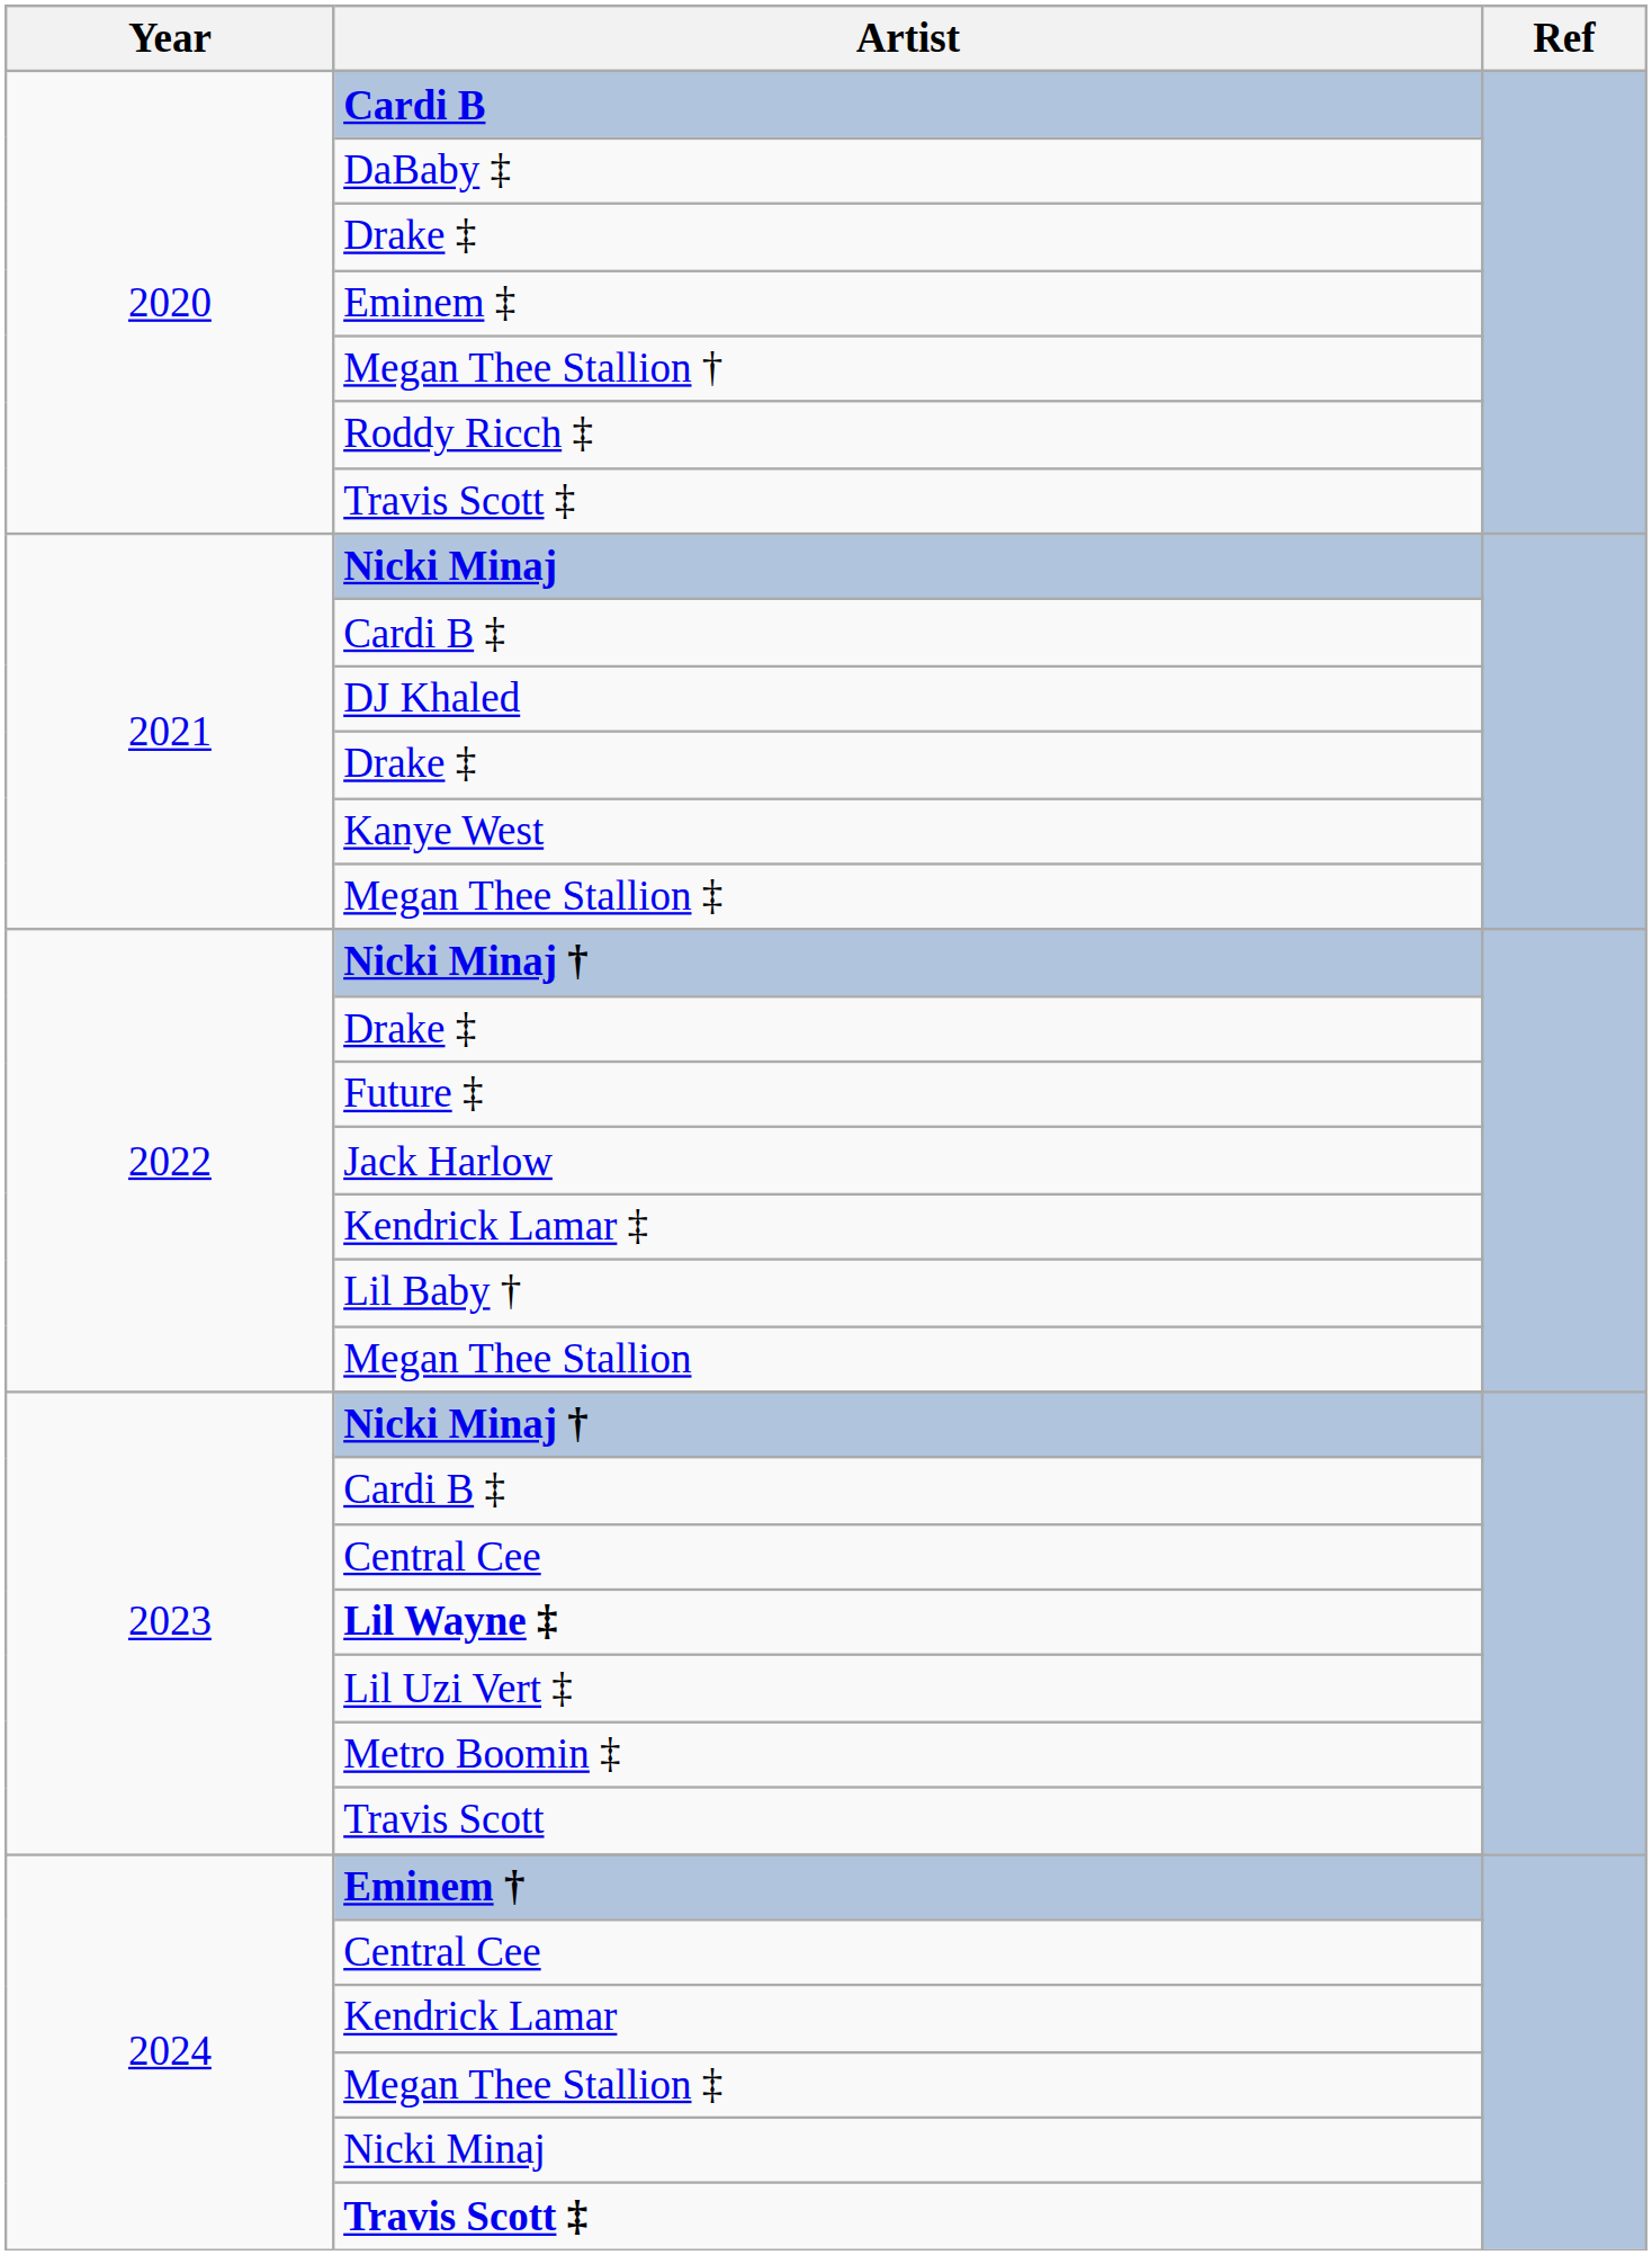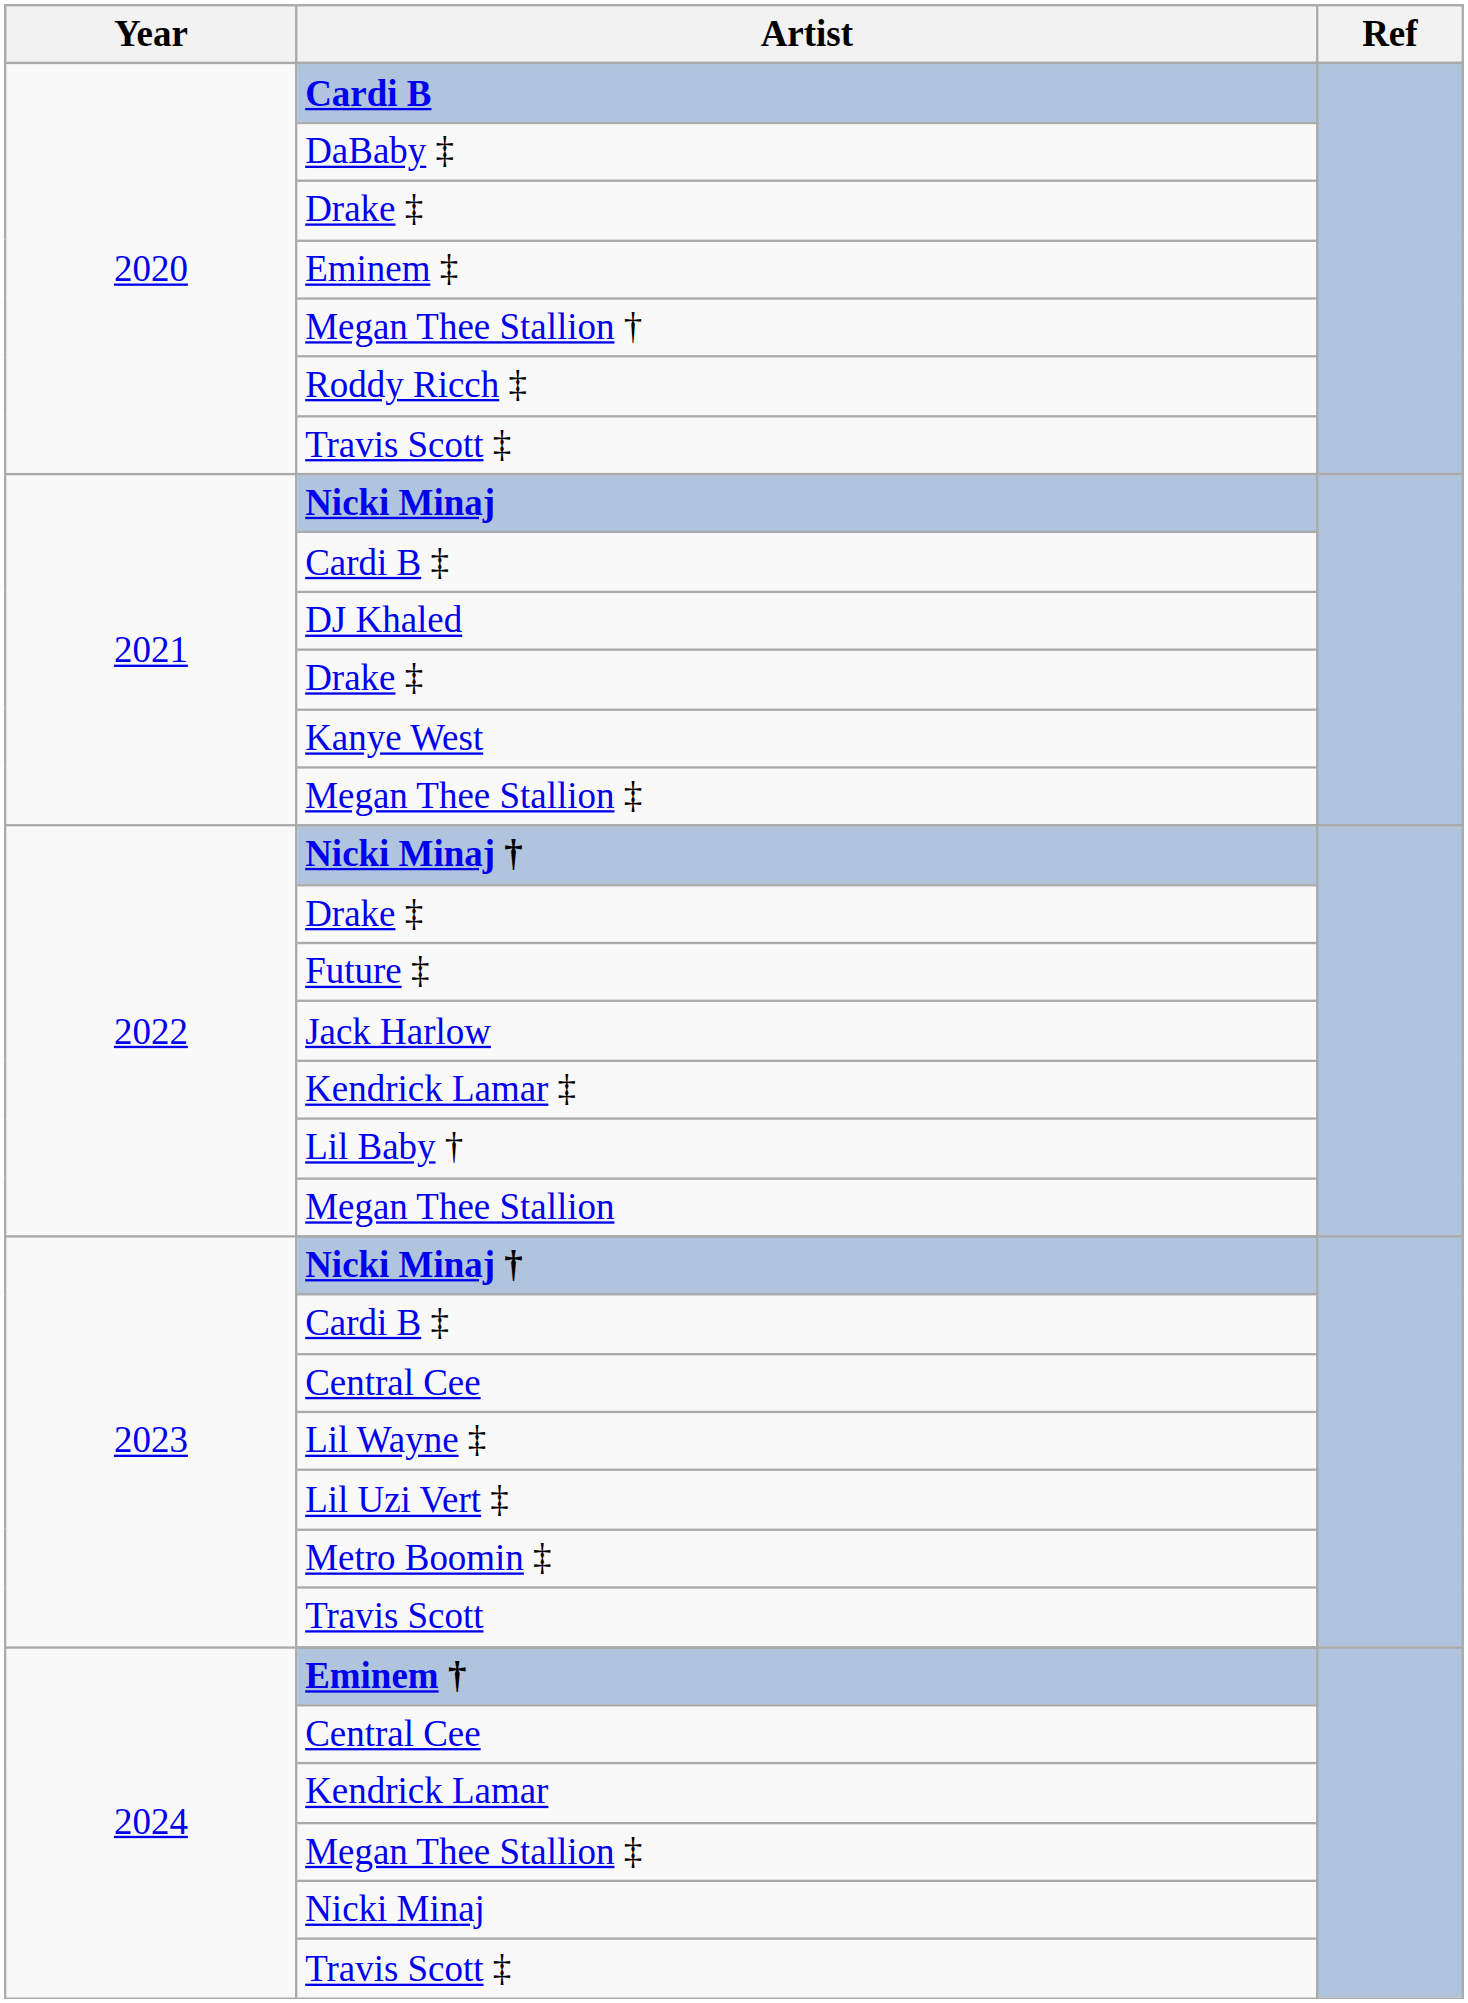 <table class="wikitable" style="width:50%;">
 <tr style="background:#bebebe;">
 <th style="width:10%;">Year</th>
 <th style="width:35%;">Artist</th>
 <th style="width:5%;">Ref</th>
 </tr>
 <tr>
 <td rowspan="8" align="center"><a href='#'>2020</a></td>
 </tr>
 <tr style="background:#B0C4DE">
 <td><strong><a href='#'>Cardi B</a></strong></td>
 <td rowspan="7" align="center"></td>
 </tr>
 <tr>
 <td><a href='#'>DaBaby</a> ‡</td>
 </tr>
 <tr>
 <td><a href='#'>Drake</a> ‡</td>
 </tr>
 <tr>
 <td><a href='#'>Eminem</a> ‡</td>
 </tr>
 <tr>
 <td><a href='#'>Megan Thee Stallion</a> †</td>
 </tr>
 <tr>
 <td><a href='#'>Roddy Ricch</a> ‡</td>
 </tr>
 <tr>
 <td><a href='#'>Travis Scott</a> ‡</td>
 </tr>
 <tr>
 <td rowspan="7" align="center"><a href='#'>2021</a></td>
 </tr>
 <tr style="background:#B0C4DE">
 <td><strong><a href='#'>Nicki Minaj</a></strong></td>
 <td rowspan="6" align="center"></td>
 </tr>
 <tr>
 <td><a href='#'>Cardi B</a> ‡</td>
 </tr>
 <tr>
 <td><a href='#'>DJ Khaled</a></td>
 </tr>
 <tr>
 <td><a href='#'>Drake</a> ‡</td>
 </tr>
 <tr>
 <td><a href='#'>Kanye West</a></td>
 </tr>
 <tr>
 <td><a href='#'>Megan Thee Stallion</a> ‡</td>
 </tr>
 <tr>
 <td rowspan="8" align="center"><a href='#'>2022</a></td>
 </tr>
 <tr style="background:#B0C4DE">
 <td><strong><a href='#'>Nicki Minaj</a> †</strong></td>
 <td rowspan="8" align="center"></td>
 </tr>
 <tr>
 <td><a href='#'>Drake</a> ‡</td>
 </tr>
 <tr>
 <td><a href='#'>Future</a> ‡</td>
 </tr>
 <tr>
 <td><a href='#'>Jack Harlow</a></td>
 </tr>
 <tr>
 <td><a href='#'>Kendrick Lamar</a> ‡</td>
 </tr>
 <tr>
 <td><a href='#'>Lil Baby</a> †</td>
 </tr>
 <tr>
 <td><a href='#'>Megan Thee Stallion</a></td>
 </tr>
 <tr>
 <td rowspan="8" align="center"><a href='#'>2023</a></td>
 </tr>
 <tr style="background:#B0C4DE">
 <td><strong><a href='#'>Nicki Minaj</a> †</strong></td>
 <td rowspan="8" align="center"></td>
 </tr>
 <tr>
 <td><a href='#'>Cardi B</a> ‡</td>
 </tr>
 <tr>
 <td><a href='#'>Central Cee</a></td>
 </tr>
 <tr>
-<td><strong><a href='#'>Lil Wayne</a> ‡</strong></td>
+<td><a href='#'>Lil Wayne</a> ‡</td>
 </tr>
 <tr>
 <td><a href='#'>Lil Uzi Vert</a> ‡</td>
 </tr>
 <tr>
 <td><a href='#'>Metro Boomin</a> ‡</td>
 </tr>
 <tr>
 <td><a href='#'>Travis Scott</a></td>
 </tr>
 <tr>
 <td rowspan="7" align="center"><a href='#'>2024</a></td>
 </tr>
 <tr style="background:#B0C4DE">
 <td><strong><a href='#'>Eminem</a> †</strong></td>
 <td rowspan="7" align="center"></td>
 </tr>
 <tr>
 <td><a href='#'>Central Cee</a></td>
 </tr>
 <tr>
 <td><a href='#'>Kendrick Lamar</a></td>
 </tr>
 <tr>
 <td><a href='#'>Megan Thee Stallion</a> ‡</td>
 </tr>
 <tr>
 <td><a href='#'>Nicki Minaj</a></td>
 </tr>
 <tr>
-<td><strong><a href='#'>Travis Scott</a> ‡</strong></td>
+<td><a href='#'>Travis Scott</a> ‡</td>
 </tr>
 </table>
